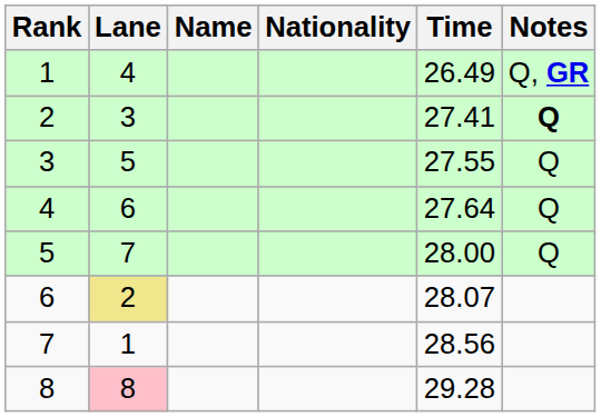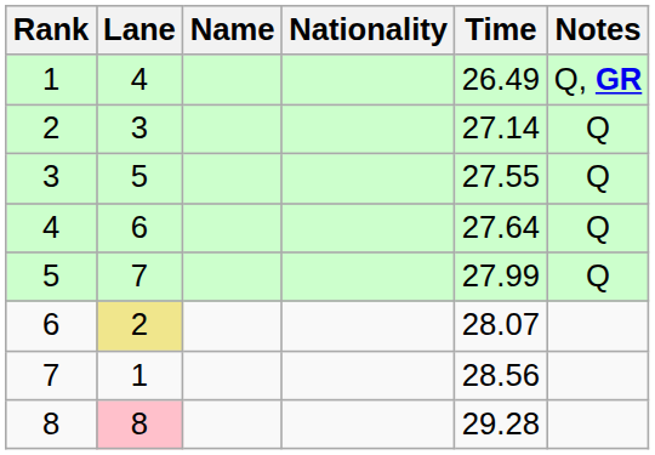 <table class="wikitable sortable" style="text-align:center">
 <tr>
 <th>Rank</th>
 <th>Lane</th>
 <th>Name</th>
 <th>Nationality</th>
 <th>Time</th>
 <th>Notes</th>
 </tr>
 <tr bgcolor="ccffcc">
 <td>1</td>
 <td>4</td>
 <td align="left"></td>
 <td align="left"></td>
 <td>26.49</td>
 <td>Q, <strong><a href='#'>GR</a></strong></td>
 </tr>
 <tr bgcolor="ccffcc">
 <td>2</td>
 <td>3</td>
 <td align="left"></td>
 <td align="left"></td>
-<td>27.41</td>
-<td><strong>Q</strong></td>
+<td>27.14</td>
+<td>Q</td>
 </tr>
 <tr bgcolor="ccffcc">
 <td>3</td>
 <td>5</td>
 <td align="left"></td>
 <td align="left"></td>
 <td>27.55</td>
 <td>Q</td>
 </tr>
 <tr bgcolor="ccffcc">
 <td>4</td>
 <td>6</td>
 <td align="left"></td>
 <td align="left"></td>
 <td>27.64</td>
 <td>Q</td>
 </tr>
 <tr bgcolor="ccffcc">
 <td>5</td>
 <td>7</td>
 <td align="left"></td>
 <td align="left"></td>
-<td>28.00</td>
+<td>27.99</td>
 <td>Q</td>
 </tr>
 <tr>
 <td>6</td>
 <td style="background: khaki;">2</td>
 <td align="left"></td>
 <td align="left"></td>
 <td>28.07</td>
 <td></td>
 </tr>
 <tr>
 <td>7</td>
 <td>1</td>
 <td align="left"></td>
 <td align="left"></td>
 <td>28.56</td>
 <td></td>
 </tr>
 <tr>
 <td>8</td>
 <td style="background: pink;">8</td>
 <td align="left"></td>
 <td align="left"></td>
 <td>29.28</td>
 <td></td>
 </tr>
 </table>
